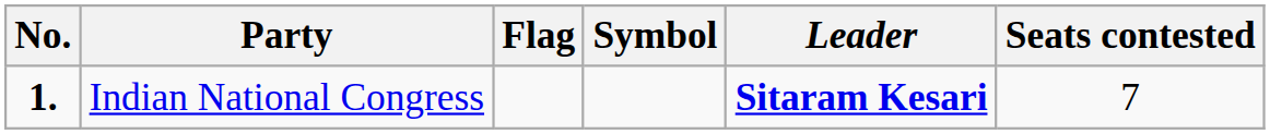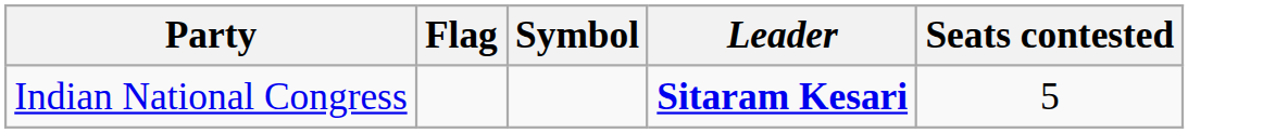 <table class="wikitable">
 <tr>
-<th>No.</th>
 <th>Party</th>
 <th><strong>Flag</strong></th>
 <th>Symbol</th>
 <th><em>Leader</em></th>
 <th>Seats contested</th>
 </tr>
 <tr>
-<td ! style="text-align:center; background:"><strong>1.</strong></td>
 <td style="text-align:center"><a href='#'>Indian National Congress</a></td>
 <td></td>
 <td></td>
 <td style="text-align:center"><strong><a href='#'>Sitaram Kesari</a></strong></td>
-<td style="text-align:center">7</td>
+<td style="text-align:center">5</td>
 </tr>
 </table>
